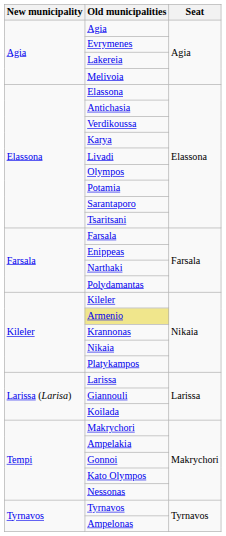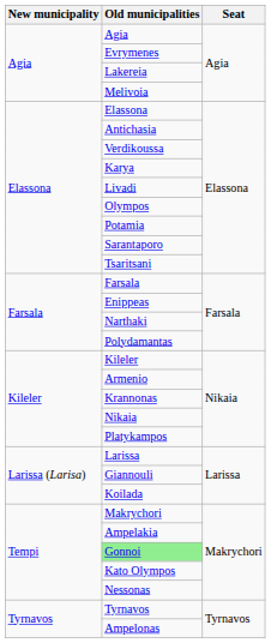 <table class="wikitable">
 <tr>
 <th>New municipality</th>
 <th>Old municipalities</th>
 <th>Seat</th>
 </tr>
 <tr>
 <td rowspan=4><a href='#'>Agia</a></td>
 <td><a href='#'>Agia</a></td>
 <td rowspan=4>Agia</td>
 </tr>
 <tr>
 <td><a href='#'>Evrymenes</a></td>
 </tr>
 <tr>
 <td><a href='#'>Lakereia</a></td>
 </tr>
 <tr>
 <td><a href='#'>Melivoia</a></td>
 </tr>
 <tr>
 <td rowspan=9><a href='#'>Elassona</a></td>
 <td><a href='#'>Elassona</a></td>
 <td rowspan=9>Elassona</td>
 </tr>
 <tr>
 <td><a href='#'>Antichasia</a></td>
 </tr>
 <tr>
 <td><a href='#'>Verdikoussa</a></td>
 </tr>
 <tr>
 <td><a href='#'>Karya</a></td>
 </tr>
 <tr>
 <td><a href='#'>Livadi</a></td>
 </tr>
 <tr>
 <td><a href='#'>Olympos</a></td>
 </tr>
 <tr>
 <td><a href='#'>Potamia</a></td>
 </tr>
 <tr>
 <td><a href='#'>Sarantaporo</a></td>
 </tr>
 <tr>
 <td><a href='#'>Tsaritsani</a></td>
 </tr>
 <tr>
 <td rowspan=4><a href='#'>Farsala</a></td>
 <td><a href='#'>Farsala</a></td>
 <td rowspan=4>Farsala</td>
 </tr>
 <tr>
 <td><a href='#'>Enippeas</a></td>
 </tr>
 <tr>
 <td><a href='#'>Narthaki</a></td>
 </tr>
 <tr>
 <td><a href='#'>Polydamantas</a></td>
 </tr>
 <tr>
 <td rowspan=5><a href='#'>Kileler</a></td>
 <td><a href='#'>Kileler</a></td>
 <td rowspan=5>Nikaia</td>
 </tr>
 <tr>
-<td style="background: khaki;"><a href='#'>Armenio</a></td>
+<td><a href='#'>Armenio</a></td>
 </tr>
 <tr>
 <td><a href='#'>Krannonas</a></td>
 </tr>
 <tr>
 <td><a href='#'>Nikaia</a></td>
 </tr>
 <tr>
 <td><a href='#'>Platykampos</a></td>
 </tr>
 <tr>
 <td rowspan=3><a href='#'>Larissa</a> (<em>Larisa</em>)</td>
 <td><a href='#'>Larissa</a></td>
 <td rowspan=3>Larissa</td>
 </tr>
 <tr>
 <td><a href='#'>Giannouli</a></td>
 </tr>
 <tr>
 <td><a href='#'>Koilada</a></td>
 </tr>
 <tr>
 <td rowspan=5><a href='#'>Tempi</a></td>
 <td><a href='#'>Makrychori</a></td>
 <td rowspan=5>Makrychori</td>
 </tr>
 <tr>
 <td><a href='#'>Ampelakia</a></td>
 </tr>
 <tr>
-<td><a href='#'>Gonnoi</a></td>
+<td style="background: lightgreen;"><a href='#'>Gonnoi</a></td>
 </tr>
 <tr>
 <td><a href='#'>Kato Olympos</a></td>
 </tr>
 <tr>
 <td><a href='#'>Nessonas</a></td>
 </tr>
 <tr>
 <td rowspan=2><a href='#'>Tyrnavos</a></td>
 <td><a href='#'>Tyrnavos</a></td>
 <td rowspan=2>Tyrnavos</td>
 </tr>
 <tr>
 <td><a href='#'>Ampelonas</a></td>
 </tr>
 </table>
